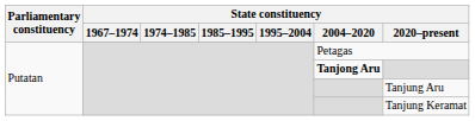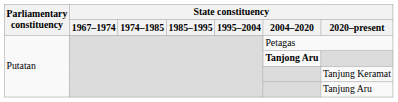 <table class=wikitable>
 <tr>
 <th rowspan=2>Parliamentary<br>constituency</th>
 <th colspan=6>State constituency</th>
 </tr>
 <tr>
 <th>1967–1974</th>
 <th>1974–1985</th>
 <th>1985–1995</th>
 <th>1995–2004</th>
 <th>2004–2020</th>
 <th>2020–present</th>
 </tr>
 <tr>
 <td rowspan="4">Putatan</td>
 <td colspan="4" rowspan="4" bgcolor="dcdcdc"></td>
 <td colspan=2>Petagas</td>
 </tr>
 <tr>
 <td><strong>Tanjong Aru</strong></td>
 <td rowspan=1 bgcolor=dcdcdc></td>
 </tr>
 <tr>
 <td rowspan=1 bgcolor=dcdcdc></td>
-<td>Tanjung Aru</td>
+<td>Tanjung Keramat</td>
 </tr>
 <tr>
 <td rowspan=1 bgcolor=dcdcdc></td>
-<td>Tanjung Keramat</td>
+<td>Tanjung Aru</td>
 </tr>
 </table>
